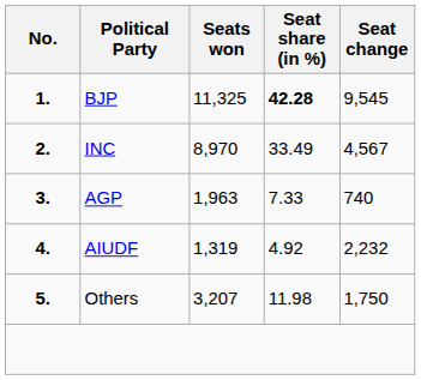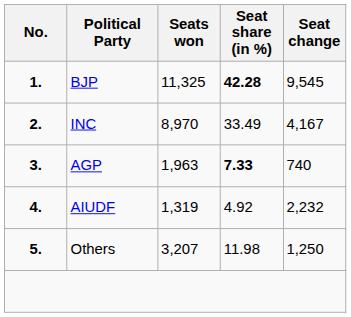 <table class="wikitable">
 <tr style="height: 50px;">
 <th scope="col" style="width:60px;">No.<br></th>
 <th scope="col" style="width:90px;">Political Party</th>
 <th scope="col" style="width:60px;">Seats won</th>
 <th scope="col" style="width:60px;">Seat share (in %)</th>
 <th scope="col" style="width:60px;">Seat change</th>
 </tr>
 <tr style="height: 45px;">
 <td ! style="text-align:center; background:"><strong>1.</strong></td>
 <td><a href='#'>BJP</a></td>
 <td>11,325</td>
 <td><strong>42.28</strong></td>
 <td>9,545</td>
 </tr>
 <tr style="height: 45px;">
 <td ! style="text-align:center; background:"><strong>2.</strong></td>
 <td><a href='#'>INC</a></td>
 <td>8,970</td>
 <td>33.49</td>
-<td>4,567</td>
+<td>4,167</td>
 </tr>
 <tr style="height: 45px;">
 <td ! style="text-align:center; background:"><strong>3.</strong></td>
 <td><a href='#'>AGP</a></td>
 <td>1,963</td>
-<td>7.33</td>
+<td><strong>7.33</strong></td>
 <td>740</td>
 </tr>
 <tr style="height: 45px;">
 <td ! style="text-align:center; background:"><strong>4.</strong></td>
 <td><a href='#'>AIUDF</a></td>
 <td>1,319</td>
 <td>4.92</td>
 <td>2,232</td>
 </tr>
 <tr style="height: 45px;">
 <td ! style="text-align:center; background:"><strong>5.</strong></td>
 <td>Others</td>
 <td>3,207</td>
 <td>11.98</td>
-<td>1,750</td>
+<td>1,250</td>
 </tr>
 <tr style="height: 45px;">
 </tr>
 </table>
